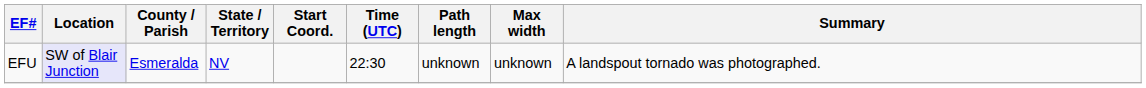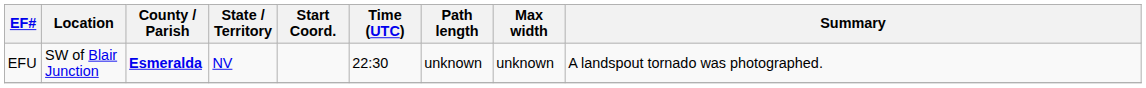 <table class="wikitable sortable" style="width:100%;">
 <tr>
 <th scope="col"  style="width:3%; text-align:center;"><a href='#'>EF#</a></th>
 <th scope="col"  style="width:7%; text-align:center;" class="unsortable">Location</th>
 <th scope="col"  style="width:6%; text-align:center;" class="unsortable">County / Parish</th>
 <th scope="col"  style="width:5%; text-align:center;">State / Territory</th>
 <th scope="col"  style="width:6%; text-align:center;">Start Coord.</th>
 <th scope="col"  style="width:6%; text-align:center;">Time (<a href='#'>UTC</a>)</th>
 <th scope="col"  style="width:6%; text-align:center;">Path length</th>
 <th scope="col"  style="width:6%; text-align:center;">Max width</th>
 <th scope="col" class="unsortable" style="width:48%; text-align:center;">Summary</th>
 </tr>
 <tr>
 <td>EFU</td>
-<td style="background: lavender;">SW of <a href='#'>Blair Junction</a></td>
-<td><a href='#'>Esmeralda</a></td>
+<td>SW of <a href='#'>Blair Junction</a></td>
+<td><strong><a href='#'>Esmeralda</a></strong></td>
 <td><a href='#'>NV</a></td>
 <td></td>
 <td>22:30</td>
 <td>unknown</td>
 <td>unknown</td>
 <td>A landspout tornado was photographed.</td>
 </tr>
 <tr>
 </tr>
 </table>
